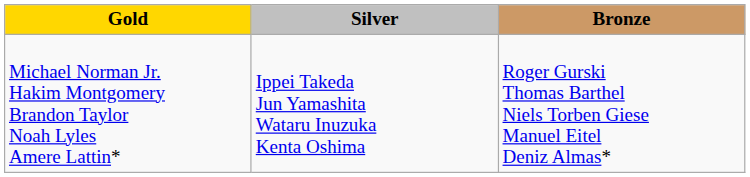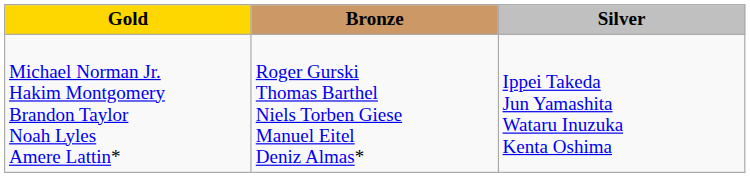 <table class="wikitable" style="text-align:left">
 <tr align="center">
 <td width=200 bgcolor=gold><strong>Gold</strong></td>
+<td width=200 bgcolor=CC9966><strong>Bronze</strong></td>
 <td width=200 bgcolor=silver><strong>Silver</strong></td>
-<td width=200 bgcolor=CC9966><strong>Bronze</strong></td>
 </tr>
 <tr>
 <td><em></em><br><a href='#'>Michael Norman Jr.</a><br><a href='#'>Hakim Montgomery</a><br><a href='#'>Brandon Taylor</a><br><a href='#'>Noah Lyles</a><br><a href='#'>Amere Lattin</a>*</td>
+<td><em></em><br><a href='#'>Roger Gurski</a><br><a href='#'>Thomas Barthel</a><br><a href='#'>Niels Torben Giese</a><br><a href='#'>Manuel Eitel</a><br><a href='#'>Deniz Almas</a>*</td>
 <td><em></em><br><a href='#'>Ippei Takeda</a><br><a href='#'>Jun Yamashita</a><br><a href='#'>Wataru Inuzuka</a><br><a href='#'>Kenta Oshima</a></td>
-<td><em></em><br><a href='#'>Roger Gurski</a><br><a href='#'>Thomas Barthel</a><br><a href='#'>Niels Torben Giese</a><br><a href='#'>Manuel Eitel</a><br><a href='#'>Deniz Almas</a>*</td>
 </tr>
 </table>
